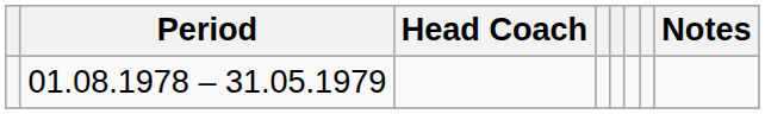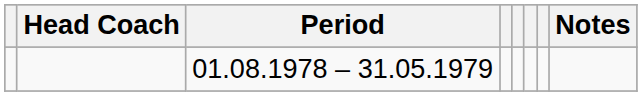 <table class="wikitable" style="text-align: left;">
 <tr>
 <th></th>
+<th>Head Coach</th>
 <th>Period</th>
-<th>Head Coach</th>
 <th></th>
 <th></th>
 <th></th>
 <th></th>
 <th>Notes</th>
 </tr>
 <tr>
 <td></td>
+<td></td>
 <td>01.08.1978 – 31.05.1979</td>
-<td></td>
 <td align="center"></td>
 <td align="center"></td>
 <td align="center"></td>
 <td align="center"></td>
 <td></td>
 </tr>
 </table>
